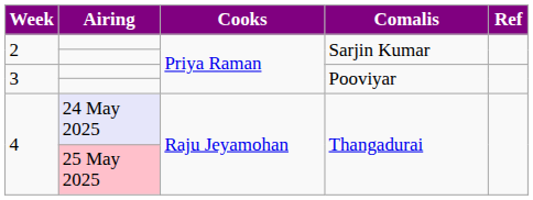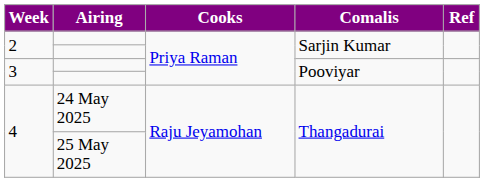 <table class="wikitable sortable">
 <tr>
 <th style="width:10pt; background:Purple;color:white">Week</th>
 <th style="width:60pt; background:Purple;color:white">Airing</th>
 <th style="width:100pt; background:Purple;color:white">Cooks</th>
 <th style="width:100pt; background:Purple;color:white">Comalis</th>
 <th style="width:20pt; background:Purple;color:white">Ref</th>
 </tr>
 <tr>
 <td rowspan="2">2</td>
 <td></td>
 <td rowspan="4"><a href='#'>Priya Raman</a></td>
 <td rowspan="2">Sarjin Kumar</td>
 <td rowspan="2"></td>
 </tr>
 <tr>
 <td></td>
 </tr>
 <tr>
 <td rowspan="2">3</td>
 <td></td>
 <td rowspan="2">Pooviyar</td>
 <td rowspan="2"></td>
 </tr>
 <tr>
 <td></td>
 </tr>
 <tr>
 <td rowspan="2">4</td>
-<td style="background: lavender;">24 May 2025</td>
+<td>24 May 2025</td>
 <td rowspan="2"><a href='#'>Raju Jeyamohan</a></td>
 <td rowspan="2"><a href='#'>Thangadurai</a></td>
 <td rowspan="2"></td>
 </tr>
 <tr>
-<td style="background: pink;">25 May 2025</td>
+<td>25 May 2025</td>
 </tr>
 </table>
